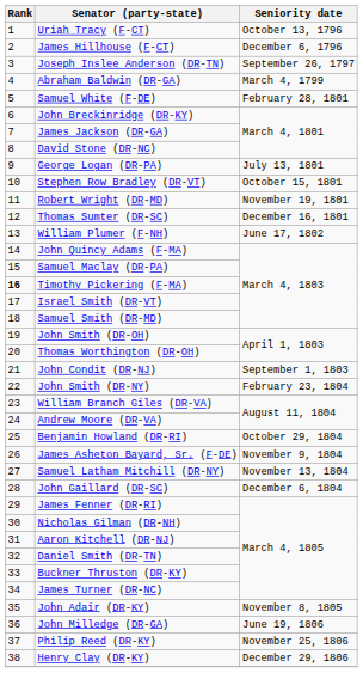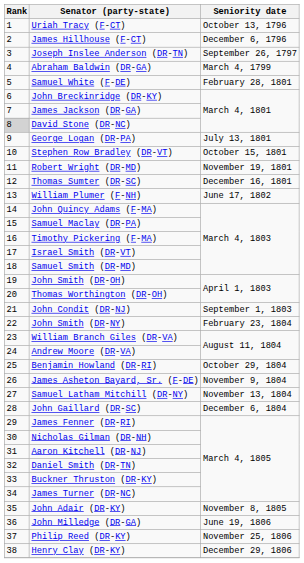 <table class=wikitable>
 <tr valign=bottom>
 <th>Rank</th>
 <th>Senator (party-state)</th>
 <th>Seniority date</th>
 </tr>
 <tr>
 <td>1</td>
 <td><a href='#'>Uriah Tracy</a> (<a href='#'>F</a>-<a href='#'>CT</a>)</td>
 <td>October 13, 1796</td>
 </tr>
 <tr>
 <td>2</td>
 <td><a href='#'>James Hillhouse</a> (<a href='#'>F</a>-<a href='#'>CT</a>)</td>
 <td>December 6, 1796</td>
 </tr>
 <tr>
 <td>3</td>
 <td><a href='#'>Joseph Inslee Anderson</a> (<a href='#'>DR</a>-<a href='#'>TN</a>)</td>
 <td>September 26, 1797</td>
 </tr>
 <tr>
 <td>4</td>
 <td><a href='#'>Abraham Baldwin</a> (<a href='#'>DR</a>-<a href='#'>GA</a>)</td>
 <td>March 4, 1799</td>
 </tr>
 <tr>
 <td>5</td>
 <td><a href='#'>Samuel White</a> (<a href='#'>F</a>-<a href='#'>DE</a>)</td>
 <td>February 28, 1801</td>
 </tr>
 <tr>
 <td>6</td>
 <td><a href='#'>John Breckinridge</a> (<a href='#'>DR</a>-<a href='#'>KY</a>)</td>
 <td rowspan=3>March 4, 1801</td>
 </tr>
 <tr>
 <td>7</td>
 <td><a href='#'>James Jackson</a> (<a href='#'>DR</a>-<a href='#'>GA</a>)</td>
 </tr>
 <tr>
-<td>8</td>
+<td style="background: lightgrey;">8</td>
 <td><a href='#'>David Stone</a> (<a href='#'>DR</a>-<a href='#'>NC</a>)</td>
 </tr>
 <tr>
 <td>9</td>
 <td><a href='#'>George Logan</a> (<a href='#'>DR</a>-<a href='#'>PA</a>)</td>
 <td>July 13, 1801</td>
 </tr>
 <tr>
 <td>10</td>
 <td><a href='#'>Stephen Row Bradley</a> (<a href='#'>DR</a>-<a href='#'>VT</a>)</td>
 <td>October 15, 1801</td>
 </tr>
 <tr>
 <td>11</td>
 <td><a href='#'>Robert Wright</a> (<a href='#'>DR</a>-<a href='#'>MD</a>)</td>
 <td>November 19, 1801</td>
 </tr>
 <tr>
 <td>12</td>
 <td><a href='#'>Thomas Sumter</a> (<a href='#'>DR</a>-<a href='#'>SC</a>)</td>
 <td>December 16, 1801</td>
 </tr>
 <tr>
 <td>13</td>
 <td><a href='#'>William Plumer</a> (<a href='#'>F</a>-<a href='#'>NH</a>)</td>
 <td>June 17, 1802</td>
 </tr>
 <tr>
 <td>14</td>
 <td><a href='#'>John Quincy Adams</a> (<a href='#'>F</a>-<a href='#'>MA</a>)</td>
 <td rowspan=5>March 4, 1803</td>
 </tr>
 <tr>
 <td>15</td>
 <td><a href='#'>Samuel Maclay</a> (<a href='#'>DR</a>-<a href='#'>PA</a>)</td>
 </tr>
 <tr>
-<td><strong>16</strong></td>
+<td>16</td>
 <td><a href='#'>Timothy Pickering</a> (<a href='#'>F</a>-<a href='#'>MA</a>)</td>
 </tr>
 <tr>
 <td>17</td>
 <td><a href='#'>Israel Smith</a> (<a href='#'>DR</a>-<a href='#'>VT</a>)</td>
 </tr>
 <tr>
 <td>18</td>
 <td><a href='#'>Samuel Smith</a> (<a href='#'>DR</a>-<a href='#'>MD</a>)</td>
 </tr>
 <tr>
 <td>19</td>
 <td><a href='#'>John Smith</a> (<a href='#'>DR</a>-<a href='#'>OH</a>)</td>
 <td rowspan=2>April 1, 1803</td>
 </tr>
 <tr>
 <td>20</td>
 <td><a href='#'>Thomas Worthington</a> (<a href='#'>DR</a>-<a href='#'>OH</a>)</td>
 </tr>
 <tr>
 <td>21</td>
 <td><a href='#'>John Condit</a> (<a href='#'>DR</a>-<a href='#'>NJ</a>)</td>
 <td>September 1, 1803</td>
 </tr>
 <tr>
 <td>22</td>
 <td><a href='#'>John Smith</a> (<a href='#'>DR</a>-<a href='#'>NY</a>)</td>
 <td>February 23, 1804</td>
 </tr>
 <tr>
 <td>23</td>
 <td><a href='#'>William Branch Giles</a> (<a href='#'>DR</a>-<a href='#'>VA</a>)</td>
 <td rowspan=2>August 11, 1804</td>
 </tr>
 <tr>
 <td>24</td>
 <td><a href='#'>Andrew Moore</a> (<a href='#'>DR</a>-<a href='#'>VA</a>)</td>
 </tr>
 <tr>
 <td>25</td>
 <td><a href='#'>Benjamin Howland</a> (<a href='#'>DR</a>-<a href='#'>RI</a>)</td>
 <td>October 29, 1804</td>
 </tr>
 <tr>
 <td>26</td>
 <td><a href='#'>James Asheton Bayard, Sr.</a> (<a href='#'>F</a>-<a href='#'>DE</a>)</td>
 <td>November 9, 1804</td>
 </tr>
 <tr>
 <td>27</td>
 <td><a href='#'>Samuel Latham Mitchill</a> (<a href='#'>DR</a>-<a href='#'>NY</a>)</td>
 <td>November 13, 1804</td>
 </tr>
 <tr>
 <td>28</td>
 <td><a href='#'>John Gaillard</a> (<a href='#'>DR</a>-<a href='#'>SC</a>)</td>
 <td>December 6, 1804</td>
 </tr>
 <tr>
 <td>29</td>
 <td><a href='#'>James Fenner</a> (<a href='#'>DR</a>-<a href='#'>RI</a>)</td>
 <td rowspan=6>March 4, 1805</td>
 </tr>
 <tr>
 <td>30</td>
 <td><a href='#'>Nicholas Gilman</a> (<a href='#'>DR</a>-<a href='#'>NH</a>)</td>
 </tr>
 <tr>
 <td>31</td>
 <td><a href='#'>Aaron Kitchell</a> (<a href='#'>DR</a>-<a href='#'>NJ</a>)</td>
 </tr>
 <tr>
 <td>32</td>
 <td><a href='#'>Daniel Smith</a> (<a href='#'>DR</a>-<a href='#'>TN</a>)</td>
 </tr>
 <tr>
 <td>33</td>
 <td><a href='#'>Buckner Thruston</a> (<a href='#'>DR</a>-<a href='#'>KY</a>)</td>
 </tr>
 <tr>
 <td>34</td>
 <td><a href='#'>James Turner</a> (<a href='#'>DR</a>-<a href='#'>NC</a>)</td>
 </tr>
 <tr>
 <td>35</td>
 <td><a href='#'>John Adair</a> (<a href='#'>DR</a>-<a href='#'>KY</a>)</td>
 <td>November 8, 1805</td>
 </tr>
 <tr>
 <td>36</td>
 <td><a href='#'>John Milledge</a> (<a href='#'>DR</a>-<a href='#'>GA</a>)</td>
 <td>June 19, 1806</td>
 </tr>
 <tr>
 <td>37</td>
 <td><a href='#'>Philip Reed</a> (<a href='#'>DR</a>-<a href='#'>KY</a>)</td>
 <td>November 25, 1806</td>
 </tr>
 <tr>
 <td>38</td>
 <td><a href='#'>Henry Clay</a> (<a href='#'>DR</a>-<a href='#'>KY</a>)</td>
 <td>December 29, 1806</td>
 </tr>
 <tr>
 </tr>
 </table>
